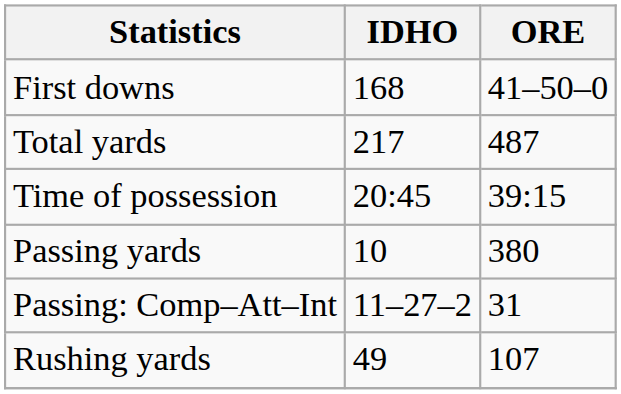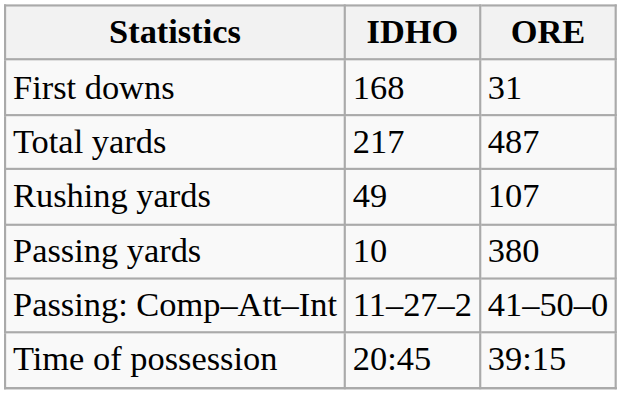 <table class="wikitable" style="float: left;">
 <tr>
 <th>Statistics</th>
 <th>IDHO</th>
 <th>ORE</th>
 </tr>
 <tr>
 <td>First downs</td>
 <td>168</td>
-<td>41–50–0</td>
+<td>31</td>
 </tr>
 <tr>
 <td>Total yards</td>
 <td>217</td>
 <td>487</td>
 </tr>
 <tr>
-<td>Time of possession</td>
-<td>20:45</td>
-<td>39:15</td>
+<td>Rushing yards</td>
+<td>49</td>
+<td>107</td>
 </tr>
 <tr>
 <td>Passing yards</td>
 <td>10</td>
 <td>380</td>
 </tr>
 <tr>
 <td>Passing: Comp–Att–Int</td>
 <td>11–27–2</td>
-<td>31</td>
+<td>41–50–0</td>
 </tr>
 <tr>
-<td>Rushing yards</td>
-<td>49</td>
-<td>107</td>
+<td>Time of possession</td>
+<td>20:45</td>
+<td>39:15</td>
 </tr>
 <tr>
 </tr>
 </table>
